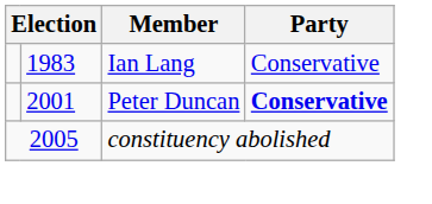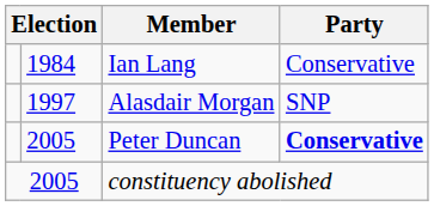 <table class="wikitable">
 <tr>
 <th colspan="2">Election</th>
 <th>Member </th>
 <th>Party</th>
 </tr>
 <tr>
 <td style="color:inherit;background-color: "></td>
-<td><a href='#'>1983</a></td>
+<td><a href='#'>1984</a></td>
 <td><a href='#'>Ian Lang</a></td>
 <td><a href='#'>Conservative</a></td>
 </tr>
 <tr>
 <td style="color:inherit;background-color: "></td>
-<td><a href='#'>2001</a></td>
+<td><a href='#'>1997</a></td>
+<td><a href='#'>Alasdair Morgan</a></td>
+<td><a href='#'>SNP</a></td>
+</tr>
+<tr>
+<td style="color:inherit;background-color: "></td>
+<td><a href='#'>2005</a></td>
 <td><a href='#'>Peter Duncan</a></td>
 <td><strong><a href='#'>Conservative</a></strong></td>
 </tr>
 <tr>
 <td colspan="2" align="center"><a href='#'>2005</a></td>
 <td colspan="2"><em>constituency abolished</em></td>
 </tr>
 </table>
